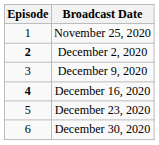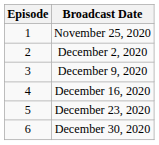 <table class="wikitable" style="text-align:center;">
 <tr>
 <th>Episode</th>
 <th>Broadcast Date</th>
 </tr>
 <tr>
 <td>1</td>
 <td>November 25, 2020</td>
 </tr>
 <tr>
-<td><strong>2</strong></td>
+<td>2</td>
 <td>December 2, 2020</td>
 </tr>
 <tr>
 <td>3</td>
 <td>December 9, 2020</td>
 </tr>
 <tr>
-<td><strong>4</strong></td>
+<td>4</td>
 <td>December 16, 2020</td>
 </tr>
 <tr>
 <td>5</td>
 <td>December 23, 2020</td>
 </tr>
 <tr>
 <td>6</td>
 <td>December 30, 2020</td>
 </tr>
 </table>
